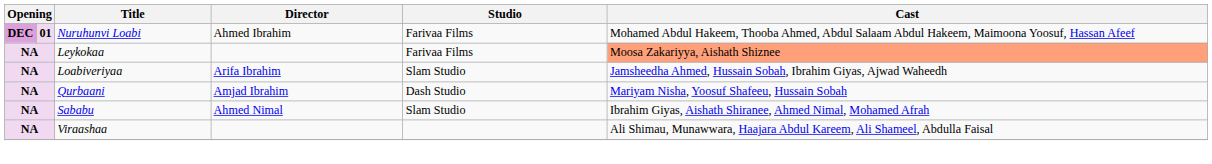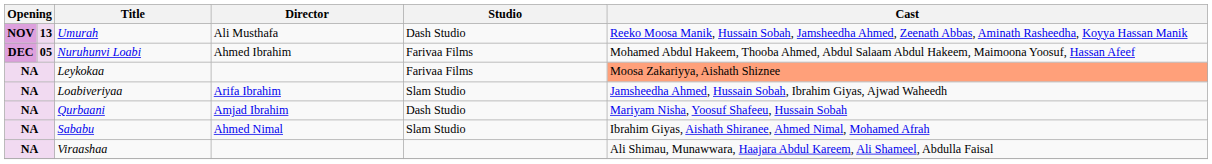 <table class="wikitable plainrowheaders" width="100%">
 <tr>
 <th scope="col" colspan="2" width=4%>Opening</th>
 <th scope="col" width=13%>Title</th>
 <th scope="col" width=16%>Director</th>
 <th scope="col" width=17%>Studio</th>
 <th scope="col" width=50%>Cast</th>
 </tr>
 <tr>
+<td style="text-align:center; background:plum; textcolor:#000;"><strong>NOV</strong></td>
+<td style="text-align:center; background:#f1daf1;"><strong>13</strong></td>
+<td><em><a href='#'>Umurah</a></em></td>
+<td>Ali Musthafa</td>
+<td>Dash Studio</td>
+<td><a href='#'>Reeko Moosa Manik</a>, <a href='#'>Hussain Sobah</a>, <a href='#'>Jamsheedha Ahmed</a>, <a href='#'>Zeenath Abbas</a>, <a href='#'>Aminath Rasheedha</a>, <a href='#'>Koyya Hassan Manik</a></td>
+</tr>
+<tr>
 <td style="text-align:center; background:plum; textcolor:#000;"><strong>DEC</strong></td>
-<td style="text-align:center; background:#f1daf1;"><strong>01</strong></td>
+<td style="text-align:center; background:#f1daf1;"><strong>05</strong></td>
 <td><em><a href='#'>Nuruhunvi Loabi</a></em></td>
 <td>Ahmed Ibrahim</td>
 <td>Farivaa Films</td>
 <td>Mohamed Abdul Hakeem, Thooba Ahmed, Abdul Salaam Abdul Hakeem, Maimoona Yoosuf, <a href='#'>Hassan Afeef</a></td>
 </tr>
 <tr>
 <td colspan="2" style="text-align:center; background:#f1daf1;"><strong>NA</strong></td>
 <td><em>Leykokaa</em></td>
 <td></td>
 <td>Farivaa Films</td>
 <td style="background: lightsalmon;">Moosa Zakariyya, Aishath Shiznee</td>
 </tr>
 <tr>
 <td colspan="2" style="text-align:center; background:#f1daf1;"><strong>NA</strong></td>
 <td><em>Loabiveriyaa</em></td>
 <td><a href='#'>Arifa Ibrahim</a></td>
 <td>Slam Studio</td>
 <td><a href='#'>Jamsheedha Ahmed</a>, <a href='#'>Hussain Sobah</a>, Ibrahim Giyas, Ajwad Waheedh</td>
 </tr>
 <tr>
 <td style="text-align:center; background:#f1daf1;" colspan="2"><strong>NA</strong></td>
 <td><em><a href='#'>Qurbaani</a></em></td>
 <td><a href='#'>Amjad Ibrahim</a></td>
 <td>Dash Studio</td>
 <td><a href='#'>Mariyam Nisha</a>, <a href='#'>Yoosuf Shafeeu</a>, <a href='#'>Hussain Sobah</a></td>
 </tr>
 <tr>
 <td style="text-align:center; background:#f1daf1;" colspan="2"><strong>NA</strong></td>
 <td><em><a href='#'>Sababu</a></em></td>
 <td><a href='#'>Ahmed Nimal</a></td>
 <td>Slam Studio</td>
 <td>Ibrahim Giyas, <a href='#'>Aishath Shiranee</a>, <a href='#'>Ahmed Nimal</a>, <a href='#'>Mohamed Afrah</a></td>
 </tr>
 <tr>
 <td style="text-align:center; background:#f1daf1;" colspan="2"><strong>NA</strong></td>
 <td><em>Viraashaa</em></td>
 <td></td>
 <td></td>
 <td>Ali Shimau, Munawwara, <a href='#'>Haajara Abdul Kareem</a>, <a href='#'>Ali Shameel</a>, Abdulla Faisal</td>
 </tr>
 <tr>
 </tr>
 </table>
